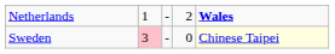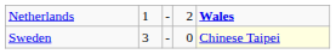 <table class="wikitable">
 <tr>
 <td width=150> <a href='#'>Netherlands</a></td>
 <td style="width:20px; text-align:left;">1</td>
 <td>-</td>
 <td style="width:20px; text-align:right;">2</td>
 <td width=150> <strong><a href='#'>Wales</a></strong></td>
 </tr>
 <tr>
 <td> <a href='#'>Sweden</a></td>
-<td style="background: pink; text-align:left;">3</td>
+<td style="text-align:left;">3</td>
 <td>-</td>
 <td style="text-align:right;">0</td>
 <td style="background: lightyellow;"> <a href='#'>Chinese Taipei</a></td>
 </tr>
 </table>
